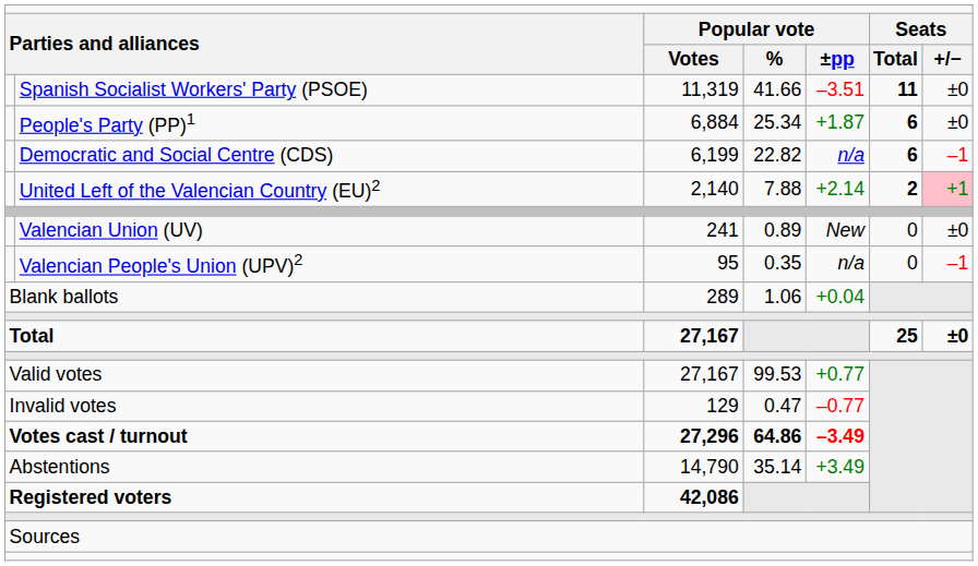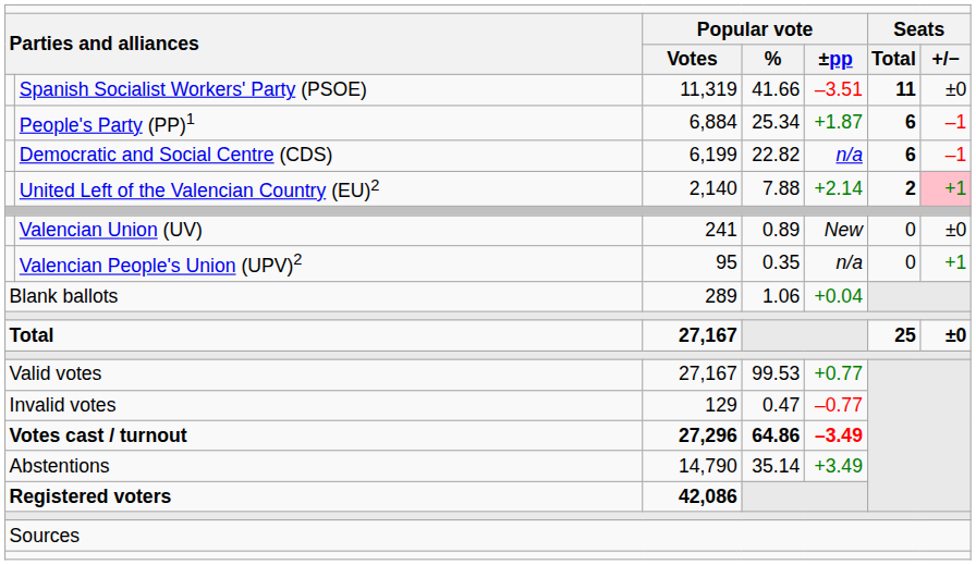 <table class="wikitable" style="text-align:right;">
 <tr>
 <td colspan="7"></td>
 </tr>
 <tr>
 <th style="text-align:left;" rowspan="2" colspan="2" width="525">Parties and alliances</th>
 <th colspan="3">Popular vote</th>
 <th colspan="2">Seats</th>
 </tr>
 <tr>
 <th width="75">Votes</th>
 <th width="45">%</th>
 <th width="45">±<a href='#'>pp</a></th>
 <th width="35">Total</th>
 <th width="35">+/−</th>
 </tr>
 <tr>
 <td width="1" style="color:inherit;background:"></td>
 <td align="left"><a href='#'>Spanish Socialist Workers' Party</a> (PSOE)</td>
 <td>11,319</td>
 <td>41.66</td>
 <td style="color:red;">–3.51</td>
 <td><strong>11</strong></td>
 <td>±0</td>
 </tr>
 <tr>
 <td style="color:inherit;background:"></td>
 <td align="left"><a href='#'>People's Party</a> (PP)<sup>1</sup></td>
 <td>6,884</td>
 <td>25.34</td>
 <td style="color:green;">+1.87</td>
 <td><strong>6</strong></td>
-<td>±0</td>
+<td style="color:red;">–1</td>
 </tr>
 <tr>
 <td style="color:inherit;background:"></td>
 <td align="left"><a href='#'>Democratic and Social Centre</a> (CDS)</td>
 <td>6,199</td>
 <td>22.82</td>
 <td><em><a href='#'>n/a</a></em></td>
 <td><strong>6</strong></td>
 <td style="color:red;">–1</td>
 </tr>
 <tr>
 <td style="color:inherit;background:"></td>
 <td align="left"><a href='#'>United Left of the Valencian Country</a> (EU)<sup>2</sup></td>
 <td>2,140</td>
 <td>7.88</td>
 <td style="color:green;">+2.14</td>
 <td><strong>2</strong></td>
 <td style="background: pink; color:green;">+1</td>
 </tr>
 <tr>
 <td colspan="7" bgcolor="#C0C0C0"></td>
 </tr>
 <tr>
 <td style="color:inherit;background:"></td>
 <td align="left"><a href='#'>Valencian Union</a> (UV)</td>
 <td>241</td>
 <td>0.89</td>
 <td><em>New</em></td>
 <td>0</td>
 <td>±0</td>
 </tr>
 <tr>
 <td style="color:inherit;background:"></td>
 <td align="left"><a href='#'>Valencian People's Union</a> (UPV)<sup>2</sup></td>
 <td>95</td>
 <td>0.35</td>
 <td><em>n/a</em></td>
 <td>0</td>
-<td style="color:red;">–1</td>
+<td style="color:green;">+1</td>
 </tr>
 <tr>
 <td align="left" colspan="2">Blank ballots</td>
 <td>289</td>
 <td>1.06</td>
 <td style="color:green;">+0.04</td>
 <td bgcolor="#E9E9E9" colspan="2"></td>
 </tr>
 <tr>
 <td colspan="7" bgcolor="#E9E9E9"></td>
 </tr>
 <tr style="font-weight:bold;">
 <td align="left" colspan="2">Total</td>
 <td>27,167</td>
 <td bgcolor="#E9E9E9" colspan="2"></td>
 <td>25</td>
 <td>±0</td>
 </tr>
 <tr>
 <td colspan="7" bgcolor="#E9E9E9"></td>
 </tr>
 <tr>
 <td align="left" colspan="2">Valid votes</td>
 <td>27,167</td>
 <td>99.53</td>
 <td style="color:green;">+0.77</td>
 <td bgcolor="#E9E9E9" colspan="2" rowspan="5"></td>
 </tr>
 <tr>
 <td align="left" colspan="2">Invalid votes</td>
 <td>129</td>
 <td>0.47</td>
 <td style="color:red;">–0.77</td>
 </tr>
 <tr style="font-weight:bold;">
 <td align="left" colspan="2">Votes cast / turnout</td>
 <td>27,296</td>
 <td>64.86</td>
 <td style="color:red;">–3.49</td>
 </tr>
 <tr>
 <td align="left" colspan="2">Abstentions</td>
 <td>14,790</td>
 <td>35.14</td>
 <td style="color:green;">+3.49</td>
 </tr>
 <tr style="font-weight:bold;">
 <td align="left" colspan="2">Registered voters</td>
 <td>42,086</td>
 <td bgcolor="#E9E9E9" colspan="2"></td>
 </tr>
 <tr>
 <td colspan="7" bgcolor="#E9E9E9"></td>
 </tr>
 <tr>
 <td align="left" colspan="7">Sources</td>
 </tr>
 <tr>
 <td colspan="7" style="text-align:left; max-width:790px;"></td>
 </tr>
 </table>
